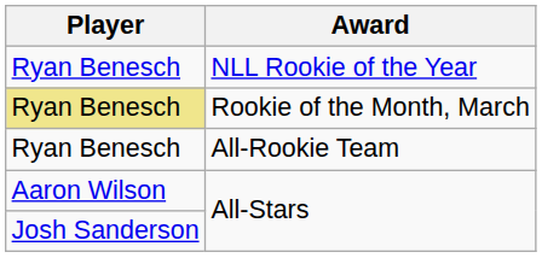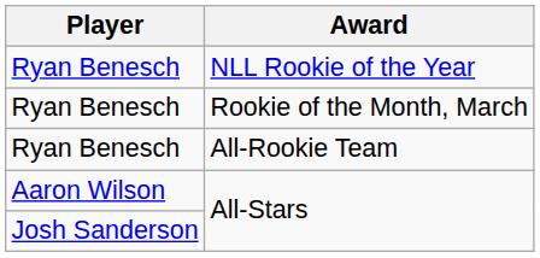 <table class="wikitable">
 <tr>
 <th>Player</th>
 <th>Award</th>
 </tr>
 <tr>
 <td><a href='#'>Ryan Benesch</a></td>
 <td><a href='#'>NLL Rookie of the Year</a></td>
 </tr>
 <tr>
-<td style="background: khaki;">Ryan Benesch</td>
+<td>Ryan Benesch</td>
 <td>Rookie of the Month, March</td>
 </tr>
 <tr>
 <td>Ryan Benesch</td>
 <td>All-Rookie Team</td>
 </tr>
 <tr>
 <td><a href='#'>Aaron Wilson</a></td>
 <td rowspan=2>All-Stars</td>
 </tr>
 <tr>
 <td><a href='#'>Josh Sanderson</a></td>
 </tr>
 </table>
